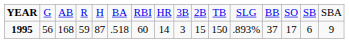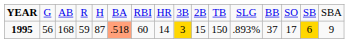 <table class="wikitable">
 <tr align=center>
 <td><strong>YEAR</strong></td>
 <td><a href='#'>G</a></td>
 <td><a href='#'>AB</a></td>
 <td><a href='#'>R</a></td>
 <td><a href='#'>H</a></td>
 <td><a href='#'>BA</a></td>
 <td><a href='#'>RBI</a></td>
 <td><a href='#'>HR</a></td>
 <td><a href='#'>3B</a></td>
 <td><a href='#'>2B</a></td>
 <td><a href='#'>TB</a></td>
 <td><a href='#'>SLG</a></td>
 <td><a href='#'>BB</a></td>
 <td><a href='#'>SO</a></td>
 <td><a href='#'>SB</a></td>
 <td>SBA</td>
 </tr>
 <tr align=center>
 <td><strong>1995</strong></td>
 <td>56</td>
 <td>168</td>
 <td>59</td>
 <td>87</td>
-<td>.518</td>
+<td style="background: lightsalmon;">.518</td>
 <td>60</td>
 <td>14</td>
-<td>3</td>
+<td style="background: gold;">3</td>
 <td>15</td>
 <td>150</td>
 <td>.893%</td>
 <td>37</td>
 <td>17</td>
-<td>6</td>
+<td style="background: gold;">6</td>
 <td>9</td>
 </tr>
 </table>
